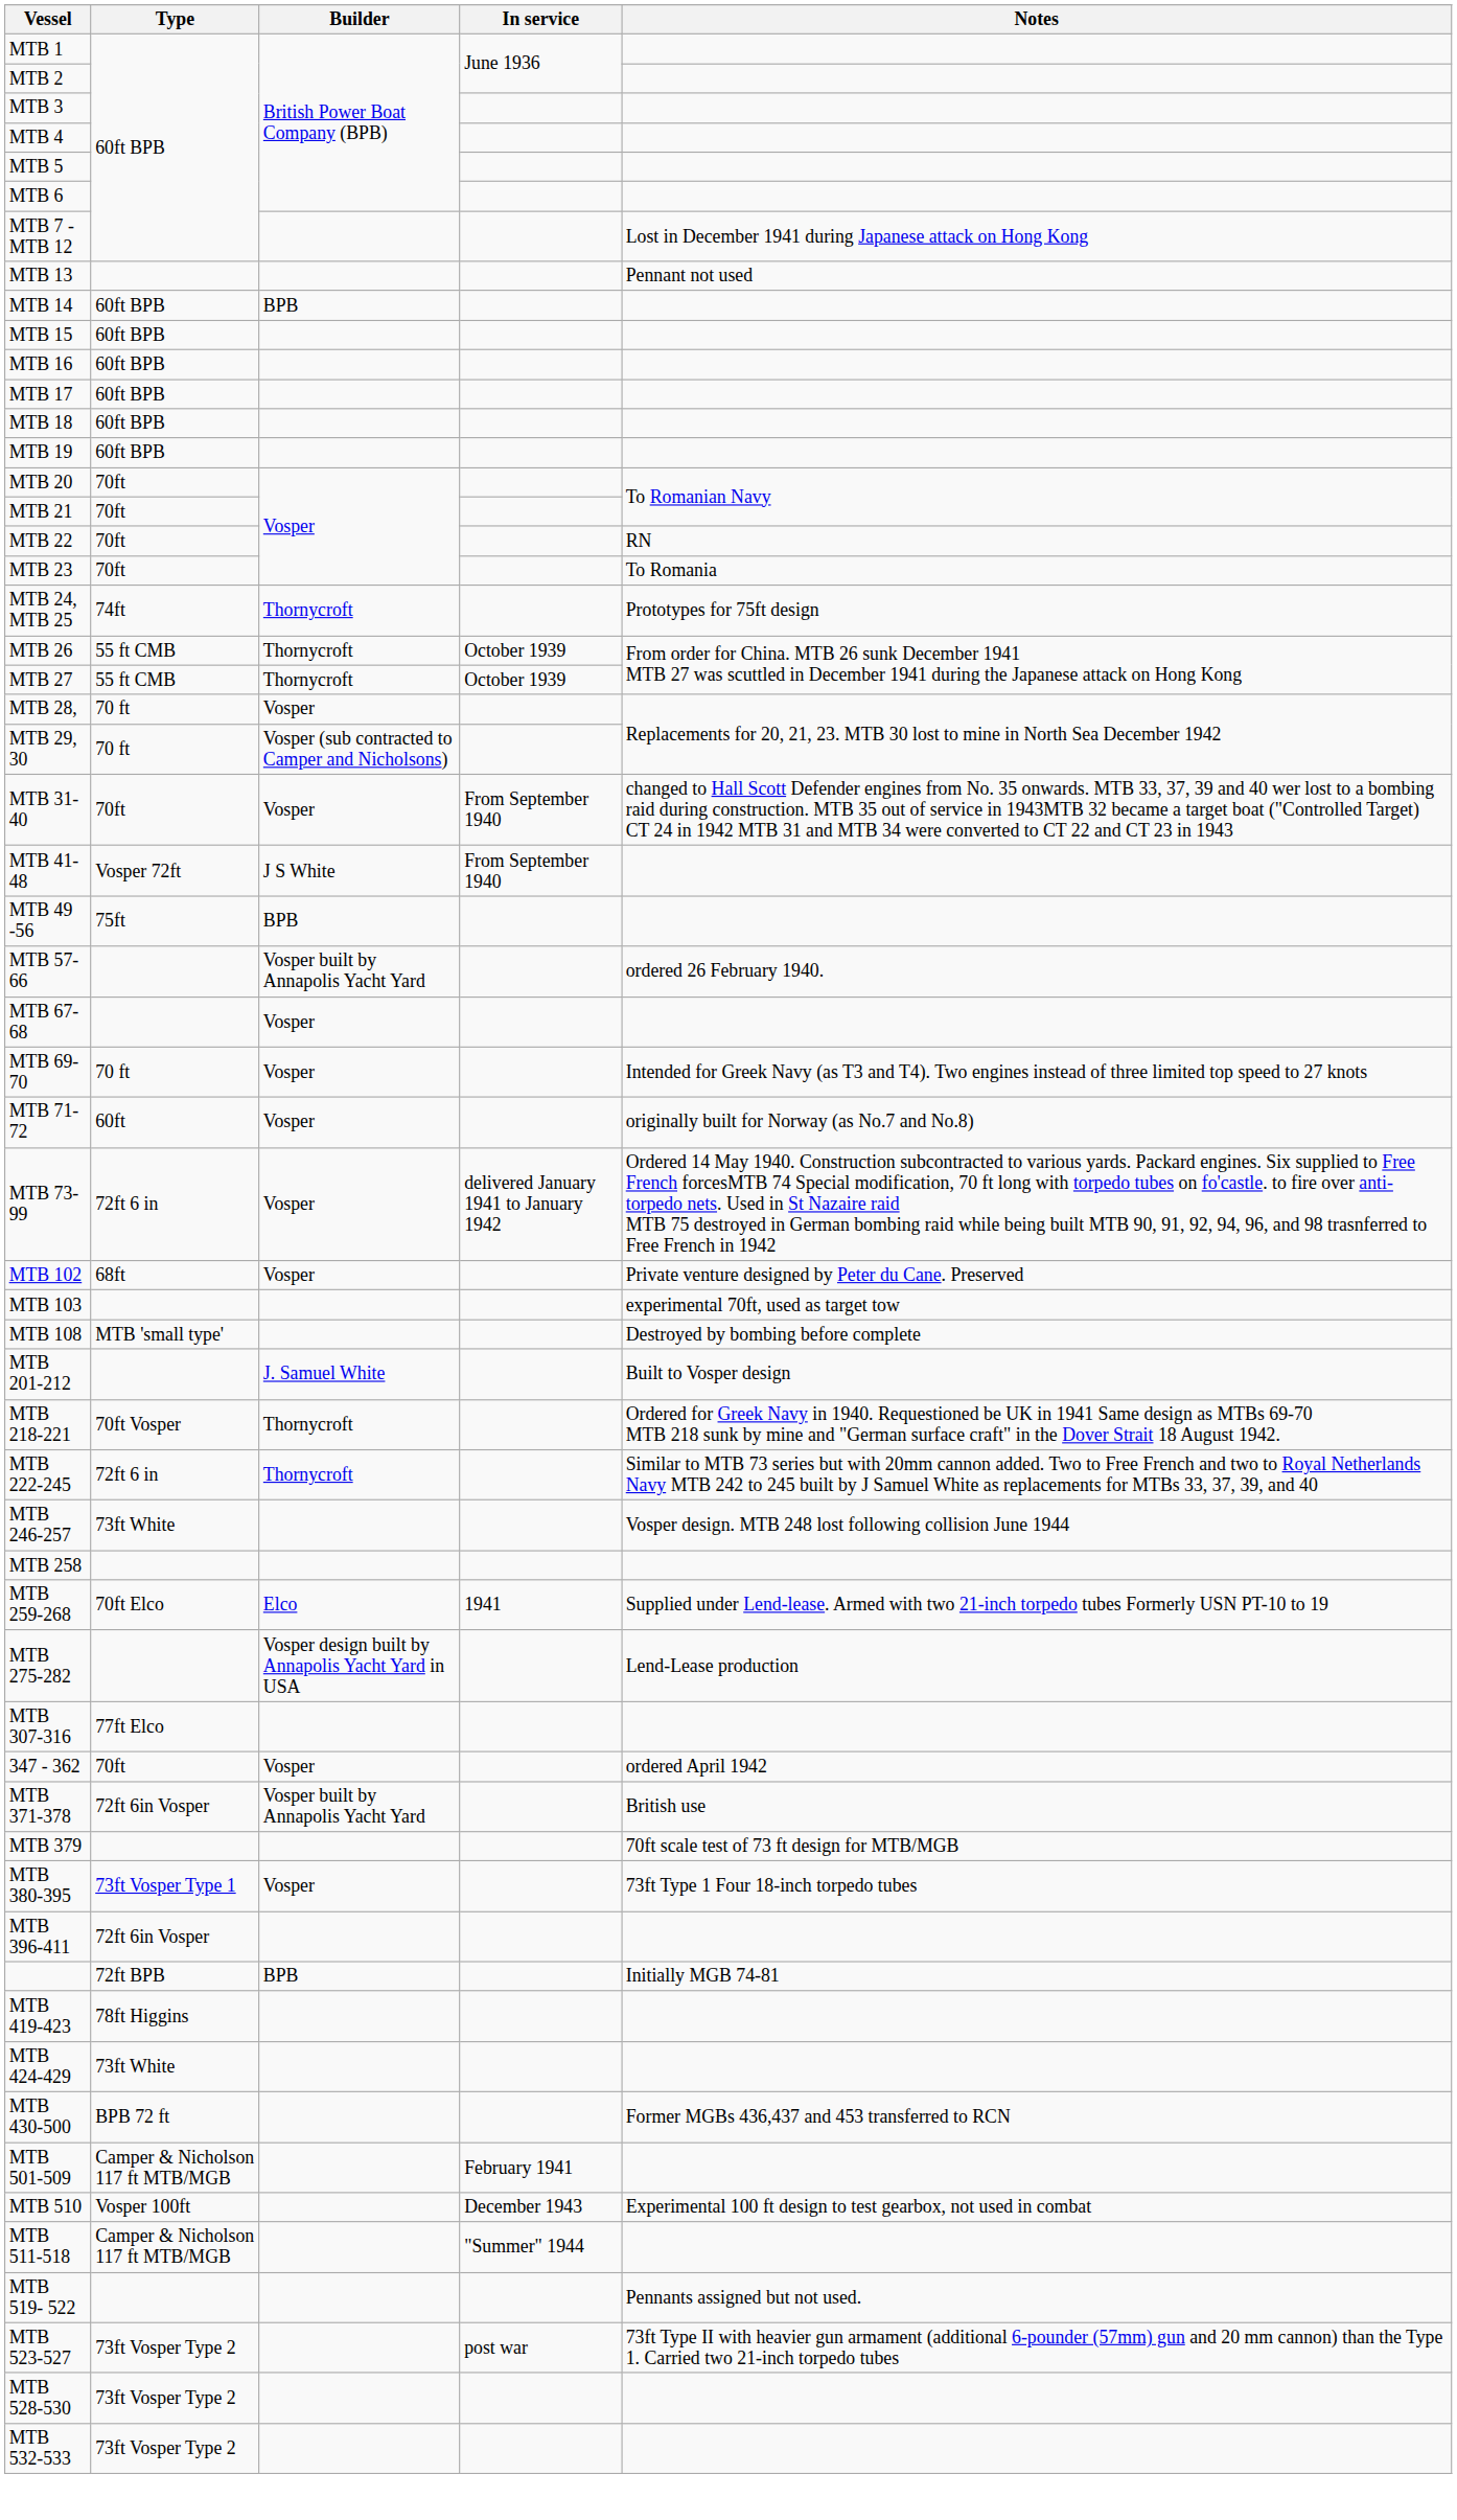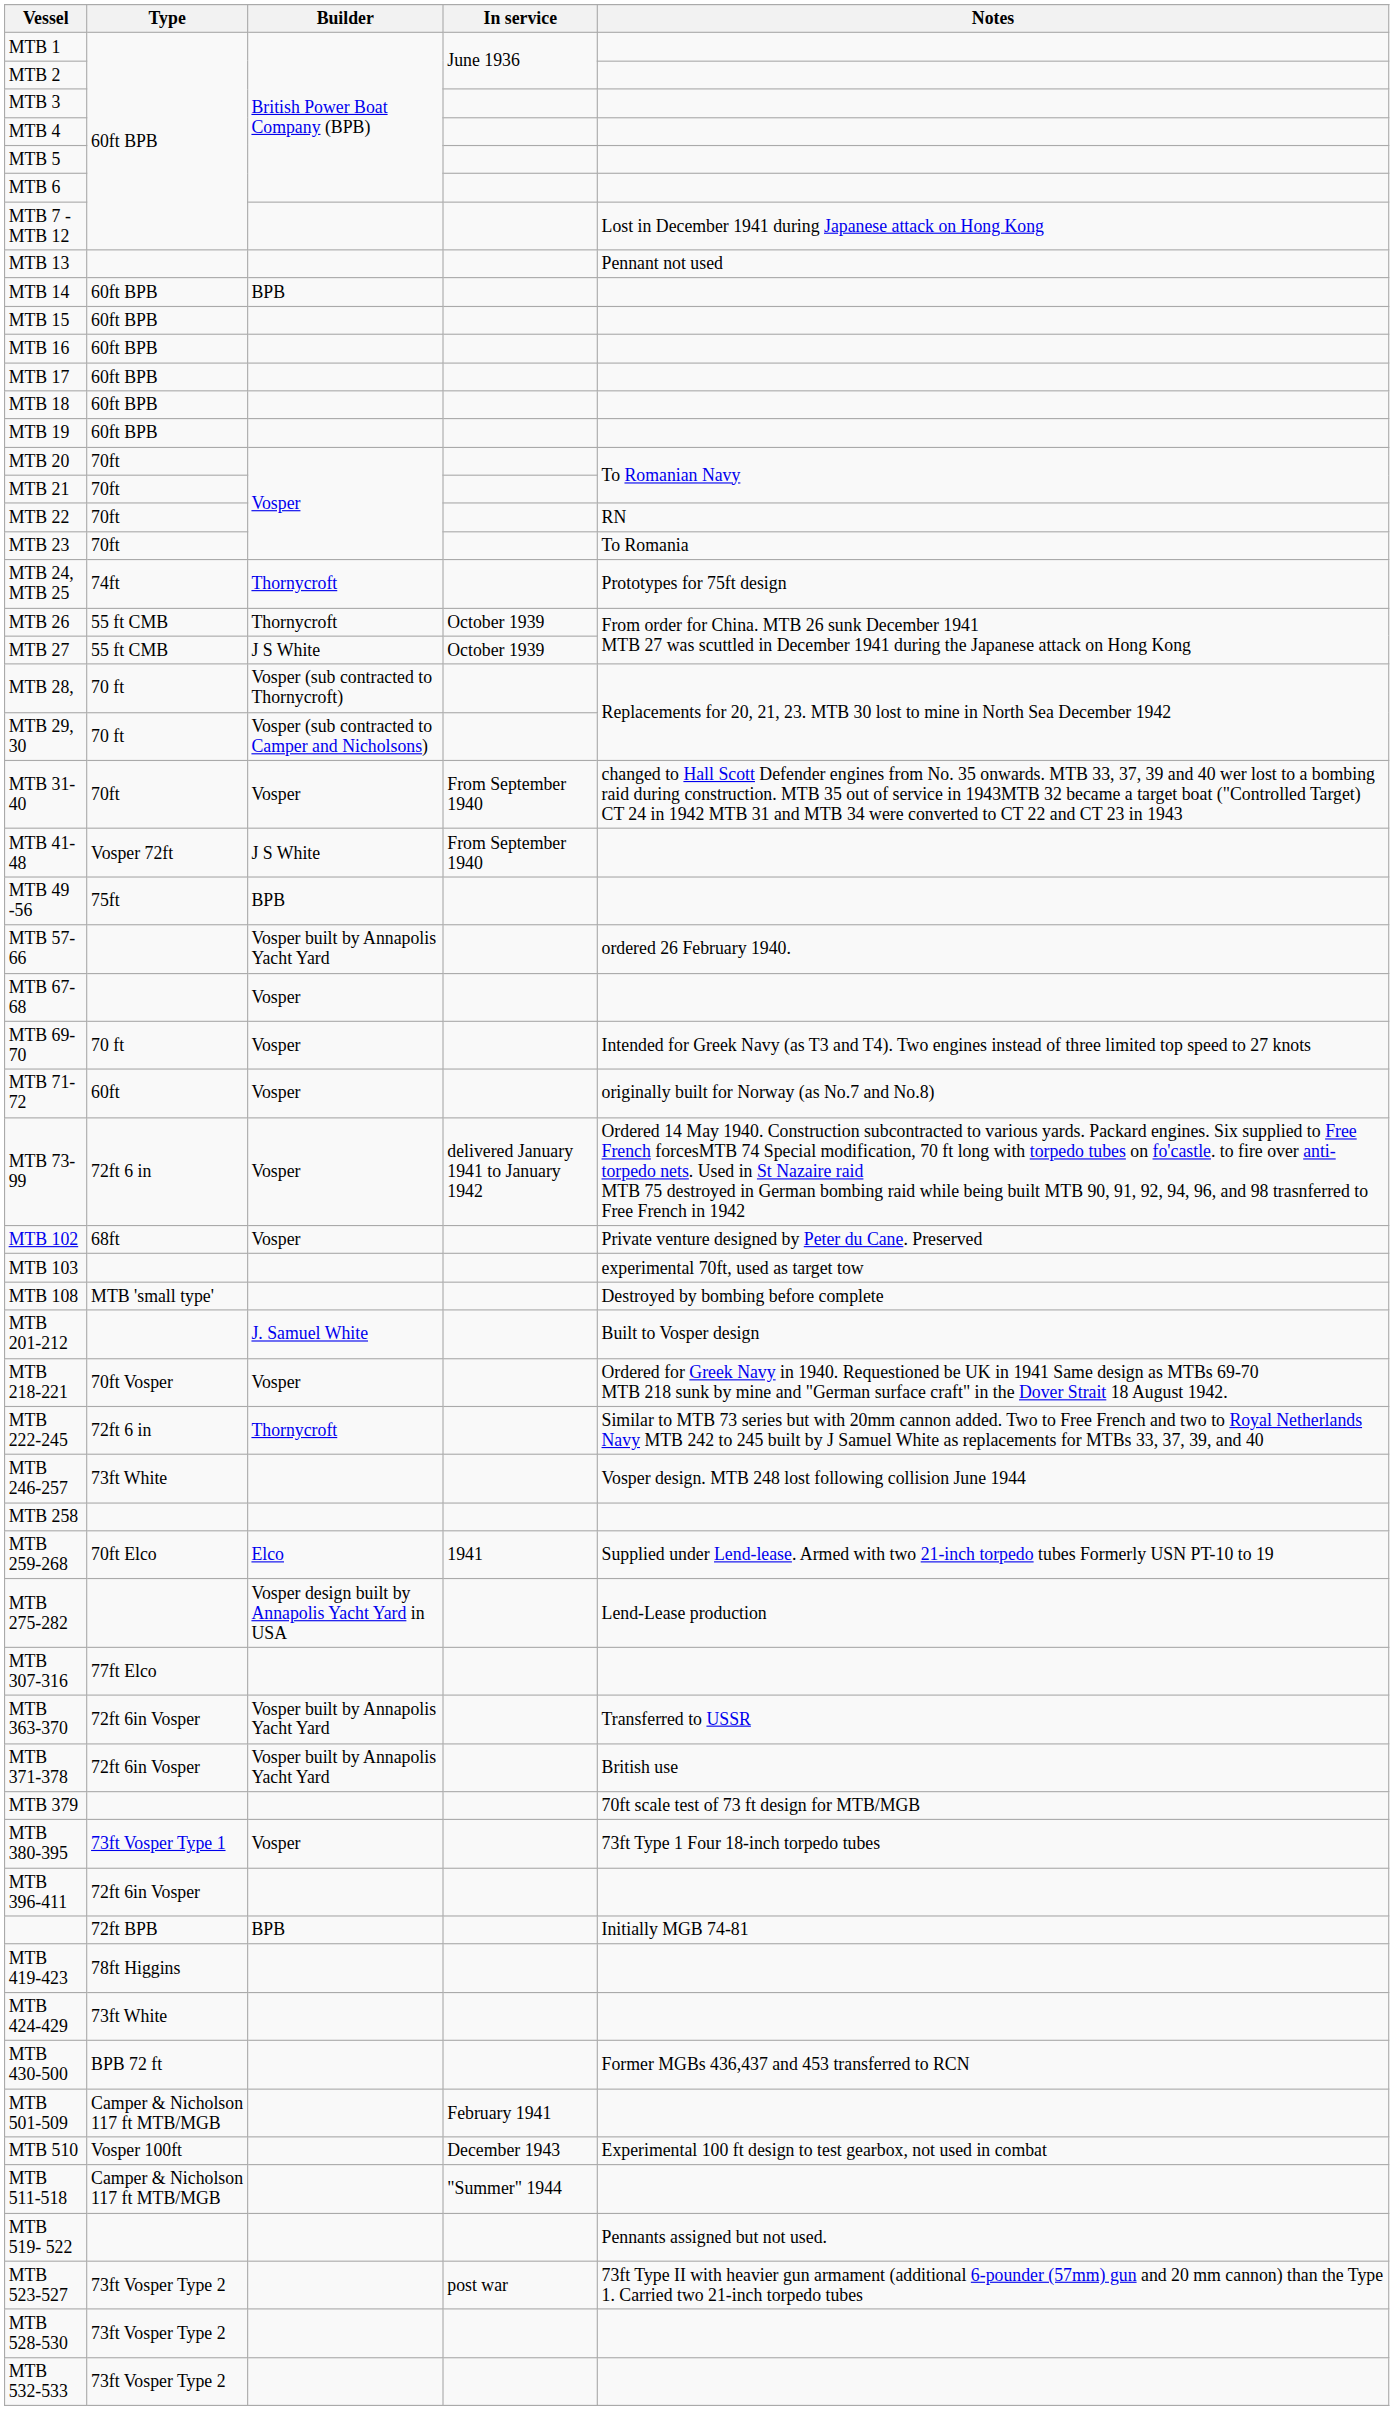 <table class="wikitable">
 <tr>
 </tr>
 <tr>
 <th>Vessel</th>
 <th>Type</th>
 <th>Builder</th>
 <th>In service</th>
 <th>Notes</th>
 </tr>
 <tr>
 <td>MTB 1</td>
 <td rowspan="7">60ft BPB</td>
 <td rowspan="6"><a href='#'>British Power Boat Company</a> (BPB)</td>
 <td rowspan="2">June 1936</td>
 <td></td>
 </tr>
 <tr>
 <td>MTB 2</td>
 <td></td>
 </tr>
 <tr>
 <td>MTB 3</td>
 <td></td>
 <td></td>
 </tr>
 <tr>
 <td>MTB 4</td>
 <td></td>
 <td></td>
 </tr>
 <tr>
 <td>MTB 5</td>
 <td></td>
 <td></td>
 </tr>
 <tr>
 <td>MTB 6</td>
 <td></td>
 <td></td>
 </tr>
 <tr>
 <td>MTB 7 - MTB 12</td>
 <td></td>
 <td></td>
 <td>Lost in  December 1941 during <a href='#'>Japanese attack on Hong Kong</a></td>
 </tr>
 <tr>
 <td>MTB 13</td>
 <td></td>
 <td></td>
 <td></td>
 <td>Pennant not used</td>
 </tr>
 <tr>
 <td>MTB 14</td>
 <td>60ft BPB</td>
 <td>BPB</td>
 <td></td>
 <td></td>
 </tr>
 <tr>
 <td>MTB 15</td>
 <td>60ft BPB</td>
 <td></td>
 <td></td>
 <td></td>
 </tr>
 <tr>
 <td>MTB 16</td>
 <td>60ft BPB</td>
 <td></td>
 <td></td>
 <td></td>
 </tr>
 <tr>
 <td>MTB 17</td>
 <td>60ft BPB</td>
 <td></td>
 <td></td>
 <td></td>
 </tr>
 <tr>
 <td>MTB 18</td>
 <td>60ft BPB</td>
 <td></td>
 <td></td>
 <td></td>
 </tr>
 <tr>
 <td>MTB 19</td>
 <td>60ft BPB</td>
 <td></td>
 <td></td>
 <td></td>
 </tr>
 <tr>
 <td>MTB 20</td>
 <td>70ft</td>
 <td rowspan="4"><a href='#'>Vosper</a></td>
 <td></td>
 <td rowspan="2">To <a href='#'>Romanian Navy</a></td>
 </tr>
 <tr>
 <td>MTB 21</td>
 <td>70ft</td>
 <td></td>
 </tr>
 <tr>
 <td>MTB 22</td>
 <td>70ft</td>
 <td></td>
 <td>RN</td>
 </tr>
 <tr>
 <td>MTB 23</td>
 <td>70ft</td>
 <td></td>
 <td>To Romania</td>
 </tr>
 <tr>
 <td>MTB 24, MTB 25</td>
 <td>74ft</td>
 <td><a href='#'>Thornycroft</a></td>
 <td></td>
 <td>Prototypes for 75ft design</td>
 </tr>
 <tr>
 <td>MTB 26</td>
 <td>55 ft CMB</td>
 <td>Thornycroft</td>
 <td>October 1939</td>
 <td rowspan="2">From order for China. MTB 26 sunk December 1941<br>MTB 27 was scuttled in December 1941 during the Japanese attack on Hong Kong</td>
 </tr>
 <tr>
 <td>MTB 27</td>
 <td>55 ft CMB</td>
-<td>Thornycroft</td>
+<td>J S White</td>
 <td>October 1939</td>
 </tr>
 <tr>
 <td>MTB 28,</td>
 <td>70 ft</td>
-<td>Vosper</td>
+<td>Vosper (sub contracted to Thornycroft)</td>
 <td></td>
 <td rowspan="2">Replacements for 20, 21, 23. MTB 30 lost to mine in North Sea December 1942</td>
 </tr>
 <tr>
 <td>MTB 29, 30</td>
 <td>70 ft</td>
 <td>Vosper (sub contracted to <a href='#'>Camper and Nicholsons</a>)</td>
 <td></td>
 </tr>
 <tr>
 <td>MTB 31-40</td>
 <td>70ft</td>
 <td>Vosper</td>
 <td>From September 1940</td>
 <td>changed to <a href='#'>Hall Scott</a> Defender engines from No. 35 onwards. MTB 33, 37, 39 and 40 wer lost to a bombing raid during construction. MTB 35 out of service in 1943MTB 32 became a target boat ("Controlled Target) CT 24 in 1942  MTB 31 and MTB 34 were converted to CT 22 and CT 23 in 1943</td>
 </tr>
 <tr>
 <td>MTB 41-48</td>
 <td>Vosper 72ft</td>
 <td>J S White</td>
 <td>From September 1940</td>
 <td></td>
 </tr>
 <tr>
 <td>MTB 49 -56</td>
 <td>75ft</td>
 <td>BPB</td>
 <td></td>
 <td></td>
 </tr>
 <tr>
 <td>MTB 57-66</td>
 <td></td>
 <td>Vosper built by Annapolis Yacht Yard</td>
 <td></td>
 <td>ordered 26 February 1940.</td>
 </tr>
 <tr>
 <td>MTB 67-68</td>
 <td></td>
 <td>Vosper</td>
 <td></td>
 <td></td>
 </tr>
 <tr>
 <td>MTB 69-70</td>
 <td>70 ft</td>
 <td>Vosper</td>
 <td></td>
 <td>Intended for Greek Navy (as T3 and T4). Two engines instead of three limited top speed to 27 knots</td>
 </tr>
 <tr>
 <td>MTB 71-72</td>
 <td>60ft</td>
 <td>Vosper</td>
 <td></td>
 <td>originally built for Norway (as No.7 and No.8)</td>
 </tr>
 <tr>
 <td>MTB 73-99</td>
 <td>72ft 6 in</td>
 <td>Vosper</td>
 <td>delivered January 1941 to January 1942</td>
 <td>Ordered 14 May 1940. Construction subcontracted to various yards. Packard engines. Six supplied to <a href='#'>Free French</a> forcesMTB 74 Special modification, 70 ft long with <a href='#'>torpedo tubes</a> on <a href='#'>fo'castle</a>. to fire over <a href='#'>anti-torpedo nets</a>. Used in <a href='#'>St Nazaire raid</a><br>MTB 75 destroyed in German bombing raid while being built MTB 90, 91, 92, 94, 96, and 98 trasnferred to Free French in 1942</td>
 </tr>
 <tr>
 <td><a href='#'>MTB 102</a></td>
 <td>68ft</td>
 <td>Vosper</td>
 <td></td>
 <td>Private venture designed by <a href='#'>Peter du Cane</a>.  Preserved</td>
 </tr>
 <tr>
 <td>MTB 103</td>
 <td></td>
 <td></td>
 <td></td>
 <td>experimental 70ft, used as target tow</td>
 </tr>
 <tr>
 <td>MTB 108</td>
 <td>MTB 'small type'</td>
 <td></td>
 <td></td>
 <td>Destroyed by bombing before complete</td>
 </tr>
 <tr>
 <td>MTB 201-212</td>
 <td></td>
 <td><a href='#'>J. Samuel White</a></td>
 <td></td>
 <td>Built to Vosper design</td>
 </tr>
 <tr>
 <td>MTB  218-221</td>
 <td>70ft Vosper</td>
-<td>Thornycroft</td>
+<td>Vosper</td>
 <td></td>
 <td>Ordered for <a href='#'>Greek Navy</a> in 1940. Requestioned be UK in 1941 Same design as MTBs 69-70<br>MTB 218 sunk by mine and "German surface craft" in the <a href='#'>Dover Strait</a> 18 August 1942.</td>
 </tr>
 <tr>
 <td>MTB 222-245</td>
 <td>72ft 6 in</td>
 <td><a href='#'>Thornycroft</a></td>
 <td></td>
 <td>Similar to MTB 73 series but with 20mm cannon added.  Two to Free French and two to <a href='#'>Royal Netherlands Navy</a>  MTB 242 to 245 built by J Samuel White as replacements for MTBs 33, 37, 39, and 40</td>
 </tr>
 <tr>
 <td>MTB 246-257</td>
 <td>73ft White</td>
 <td></td>
 <td></td>
 <td>Vosper design. MTB 248 lost following collision June 1944</td>
 </tr>
 <tr>
 <td>MTB 258</td>
 <td></td>
 <td></td>
 <td></td>
 <td></td>
 </tr>
 <tr>
 <td>MTB 259-268</td>
 <td>70ft Elco</td>
 <td><a href='#'>Elco</a></td>
 <td>1941</td>
 <td>Supplied under <a href='#'>Lend-lease</a>. Armed with two <a href='#'>21-inch torpedo</a> tubes Formerly USN PT-10 to 19 </td>
 </tr>
 <tr>
 <td>MTB 275-282</td>
 <td></td>
 <td>Vosper design built by <a href='#'>Annapolis Yacht Yard</a> in USA</td>
 <td></td>
 <td>Lend-Lease production</td>
 </tr>
 <tr>
 <td>MTB 307-316</td>
 <td>77ft Elco</td>
 <td></td>
 <td></td>
 <td></td>
 </tr>
 <tr>
-<td>347 - 362</td>
-<td>70ft</td>
-<td>Vosper</td>
+<td>MTB 363-370</td>
+<td>72ft 6in Vosper</td>
+<td>Vosper built by Annapolis Yacht Yard</td>
 <td></td>
-<td>ordered April 1942</td>
+<td>Transferred to <a href='#'>USSR</a></td>
 </tr>
 <tr>
 <td>MTB 371-378</td>
 <td>72ft 6in Vosper</td>
 <td>Vosper built by Annapolis Yacht Yard</td>
 <td></td>
 <td>British use</td>
 </tr>
 <tr>
 <td>MTB 379</td>
 <td></td>
 <td></td>
 <td></td>
 <td>70ft scale test of 73 ft design for MTB/MGB</td>
 </tr>
 <tr>
 <td>MTB 380-395</td>
 <td><a href='#'>73ft Vosper Type 1</a></td>
 <td>Vosper</td>
 <td></td>
 <td>73ft Type 1 Four 18-inch torpedo tubes</td>
 </tr>
 <tr>
 <td>MTB 396-411</td>
 <td>72ft 6in Vosper</td>
 <td></td>
 <td></td>
 <td></td>
 </tr>
 <tr>
 <td></td>
 <td>72ft BPB</td>
 <td>BPB</td>
 <td></td>
 <td>Initially MGB 74-81</td>
 </tr>
 <tr>
 <td>MTB 419-423</td>
 <td>78ft Higgins</td>
 <td></td>
 <td></td>
 <td></td>
 </tr>
 <tr>
 <td>MTB 424-429</td>
 <td>73ft White</td>
 <td></td>
 <td></td>
 <td></td>
 </tr>
 <tr>
 <td>MTB 430-500</td>
 <td>BPB 72 ft</td>
 <td></td>
 <td></td>
 <td>Former MGBs 436,437 and 453 transferred to RCN</td>
 </tr>
 <tr>
 <td>MTB 501-509</td>
 <td>Camper & Nicholson 117 ft MTB/MGB</td>
 <td></td>
 <td>February 1941</td>
 <td></td>
 </tr>
 <tr>
 <td>MTB 510</td>
 <td>Vosper 100ft</td>
 <td></td>
 <td>December 1943</td>
 <td>Experimental 100 ft design to test gearbox, not used in combat </td>
 </tr>
 <tr>
 <td>MTB 511-518</td>
 <td>Camper & Nicholson 117 ft MTB/MGB</td>
 <td></td>
 <td>"Summer" 1944</td>
 <td></td>
 </tr>
 <tr>
 <td>MTB 519- 522</td>
 <td></td>
 <td></td>
 <td></td>
 <td>Pennants assigned but not used.</td>
 </tr>
 <tr>
 <td>MTB 523-527</td>
 <td>73ft Vosper Type 2</td>
 <td></td>
 <td>post war</td>
 <td>73ft Type II with heavier gun armament (additional <a href='#'>6-pounder (57mm) gun</a> and 20 mm cannon)  than the Type 1. Carried two 21-inch torpedo tubes</td>
 </tr>
 <tr>
 <td>MTB 528-530</td>
 <td>73ft Vosper Type 2</td>
 <td></td>
 <td></td>
 <td></td>
 </tr>
 <tr>
 <td>MTB 532-533</td>
 <td>73ft Vosper Type 2</td>
 <td></td>
 <td></td>
 <td></td>
 </tr>
 <tr>
 </tr>
 </table>
